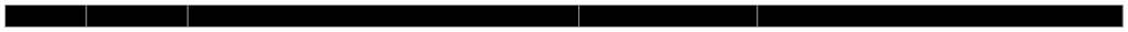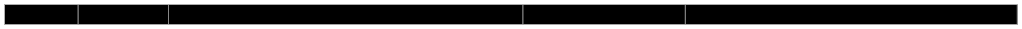 <table class="wikitable" width="80%">
 <tr align="center">
 </tr>
 <tr align="center" bgcolor=" ">
 <td>March 12</td>
-<td><strong>2:00 pm ET</strong></td>
+<td>2:00 pm ET</td>
 <td>Mercyhurst (29-5-0) at Boston University (25-6-3)</td>
 <td>Boston University, 4-2</td>
 <td>Terriers make their first trip to the Frozen Four</td>
 </tr>
 <tr align="center" bgcolor=" ">
 </tr>
 </table>
